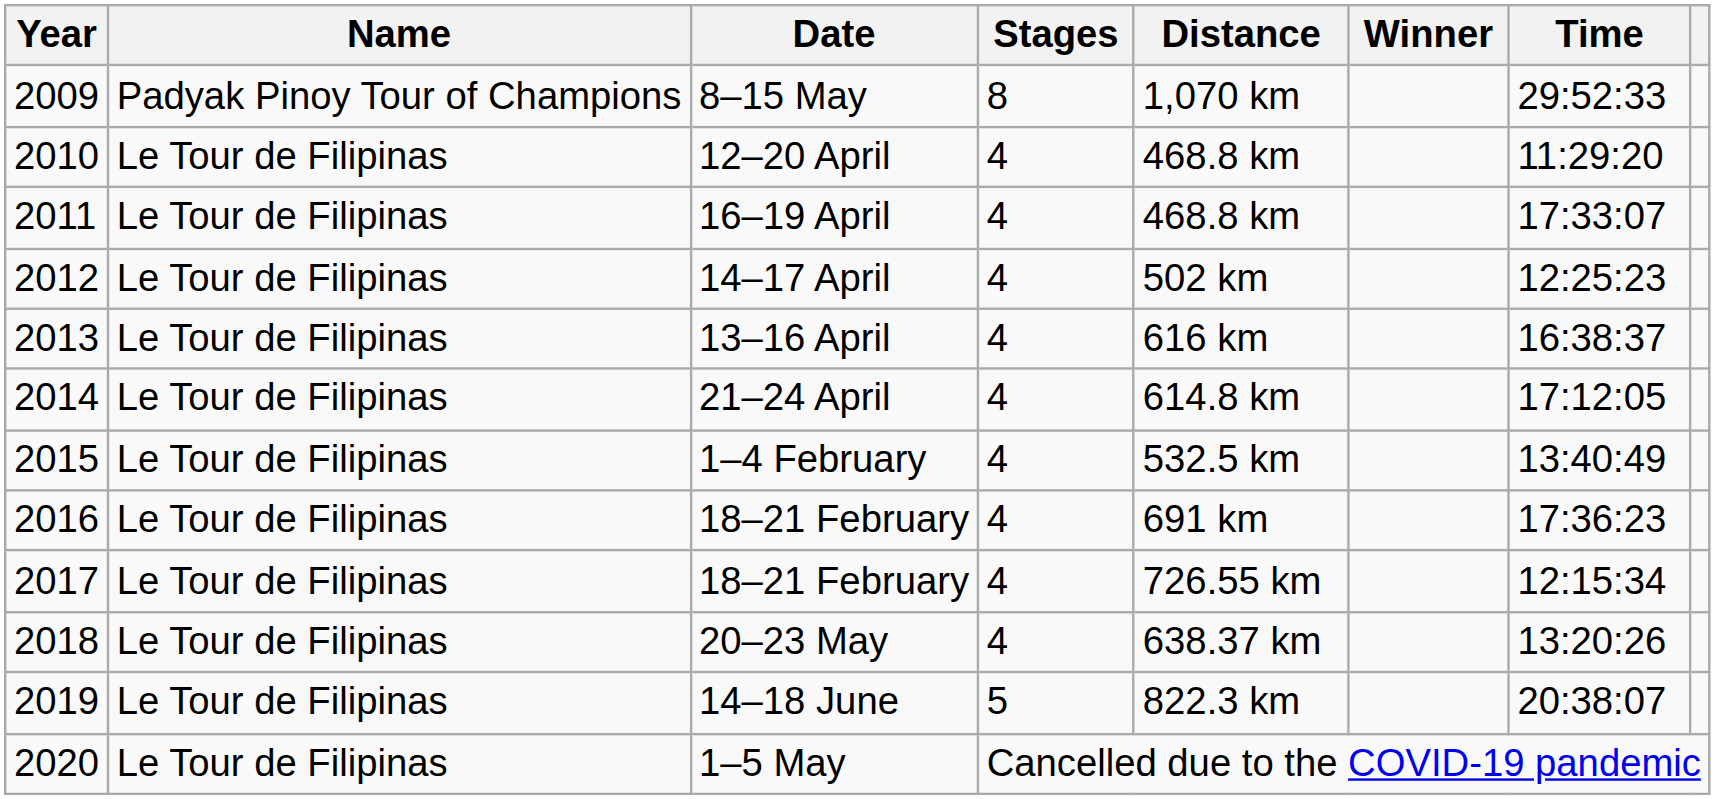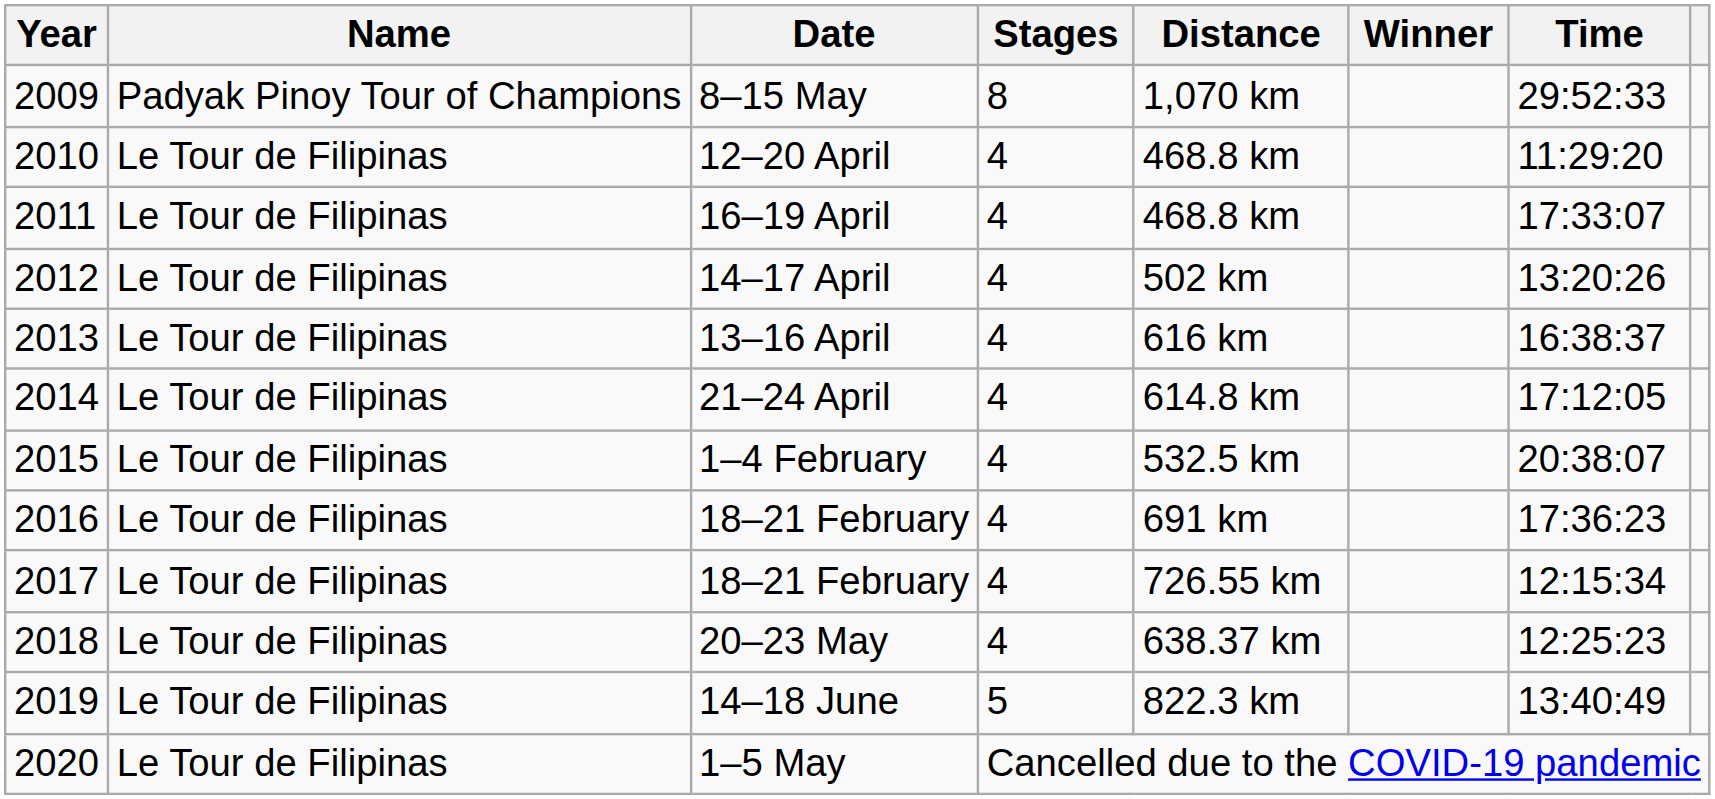 <table class=wikitable>
 <tr>
 <th>Year</th>
 <th>Name</th>
 <th>Date</th>
 <th>Stages</th>
 <th>Distance</th>
 <th>Winner</th>
 <th>Time</th>
 <th></th>
 </tr>
 <tr>
 <td>2009</td>
 <td>Padyak Pinoy Tour of Champions</td>
 <td>8–15 May</td>
 <td>8</td>
 <td>1,070 km</td>
 <td></td>
 <td>29:52:33</td>
 <td></td>
 </tr>
 <tr>
 <td>2010</td>
 <td>Le Tour de Filipinas</td>
 <td>12–20 April</td>
 <td>4</td>
 <td>468.8 km</td>
 <td></td>
 <td>11:29:20</td>
 <td></td>
 </tr>
 <tr>
 <td>2011</td>
 <td>Le Tour de Filipinas</td>
 <td>16–19 April</td>
 <td>4</td>
 <td>468.8 km</td>
 <td></td>
 <td>17:33:07</td>
 <td></td>
 </tr>
 <tr>
 <td>2012</td>
 <td>Le Tour de Filipinas</td>
 <td>14–17 April</td>
 <td>4</td>
 <td>502 km</td>
 <td></td>
-<td>12:25:23</td>
+<td>13:20:26</td>
 <td></td>
 </tr>
 <tr>
 <td>2013</td>
 <td>Le Tour de Filipinas</td>
 <td>13–16 April</td>
 <td>4</td>
 <td>616 km</td>
 <td></td>
 <td>16:38:37</td>
 <td></td>
 </tr>
 <tr>
 <td>2014</td>
 <td>Le Tour de Filipinas</td>
 <td>21–24 April</td>
 <td>4</td>
 <td>614.8 km</td>
 <td></td>
 <td>17:12:05</td>
 <td></td>
 </tr>
 <tr>
 <td>2015</td>
 <td>Le Tour de Filipinas</td>
 <td>1–4 February</td>
 <td>4</td>
 <td>532.5 km</td>
 <td></td>
-<td>13:40:49</td>
+<td>20:38:07</td>
 <td></td>
 </tr>
 <tr>
 <td>2016</td>
 <td>Le Tour de Filipinas</td>
 <td>18–21 February</td>
 <td>4</td>
 <td>691 km</td>
 <td></td>
 <td>17:36:23</td>
 <td></td>
 </tr>
 <tr>
 <td>2017</td>
 <td>Le Tour de Filipinas</td>
 <td>18–21 February</td>
 <td>4</td>
 <td>726.55 km</td>
 <td></td>
 <td>12:15:34</td>
 <td></td>
 </tr>
 <tr>
 <td>2018</td>
 <td>Le Tour de Filipinas</td>
 <td>20–23 May</td>
 <td>4</td>
 <td>638.37 km</td>
 <td></td>
-<td>13:20:26</td>
+<td>12:25:23</td>
 <td></td>
 </tr>
 <tr>
 <td>2019</td>
 <td>Le Tour de Filipinas</td>
 <td>14–18 June</td>
 <td>5</td>
 <td>822.3 km</td>
 <td></td>
-<td>20:38:07</td>
+<td>13:40:49</td>
 <td></td>
 </tr>
 <tr>
 <td>2020</td>
 <td>Le Tour de Filipinas</td>
 <td>1–5 May</td>
 <td align="center" colspan="5">Cancelled due to the <a href='#'>COVID-19 pandemic</a></td>
 </tr>
 </table>
